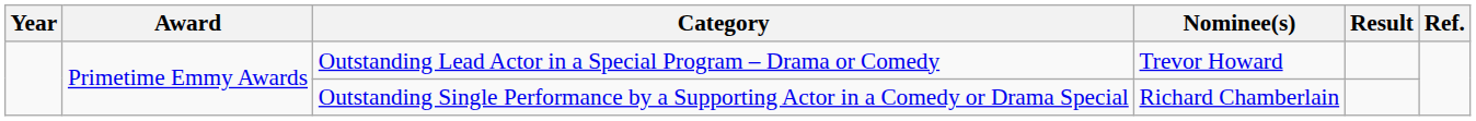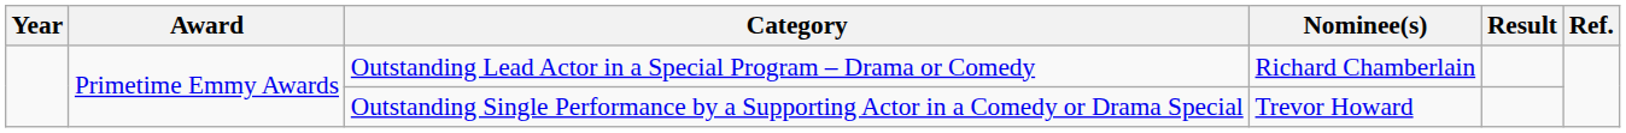 <table class="wikitable sortable">
 <tr>
 <th>Year</th>
 <th>Award</th>
 <th>Category</th>
 <th>Nominee(s)</th>
 <th>Result</th>
 <th>Ref.</th>
 </tr>
 <tr>
 <td rowspan="2"></td>
 <td rowspan="2"><a href='#'>Primetime Emmy Awards</a></td>
 <td><a href='#'>Outstanding Lead Actor in a Special Program – Drama or Comedy</a></td>
-<td><a href='#'>Trevor Howard</a></td>
+<td><a href='#'>Richard Chamberlain</a></td>
 <td></td>
 <td align="center" rowspan="2"></td>
 </tr>
 <tr>
 <td><a href='#'>Outstanding Single Performance by a Supporting Actor in a Comedy or Drama Special</a></td>
-<td><a href='#'>Richard Chamberlain</a></td>
+<td><a href='#'>Trevor Howard</a></td>
 <td></td>
 </tr>
 </table>
